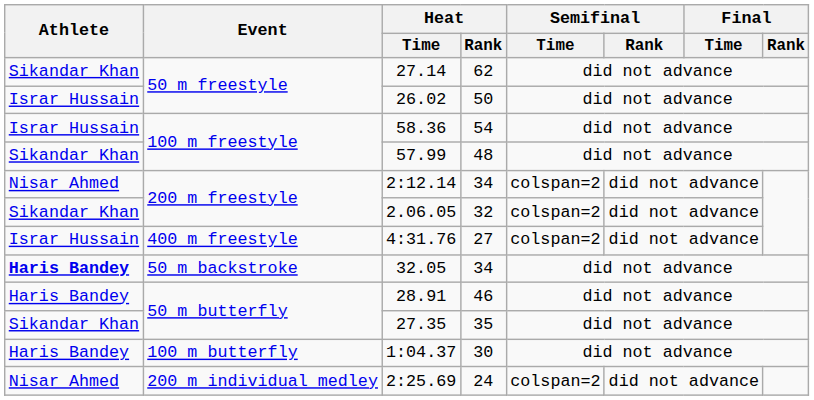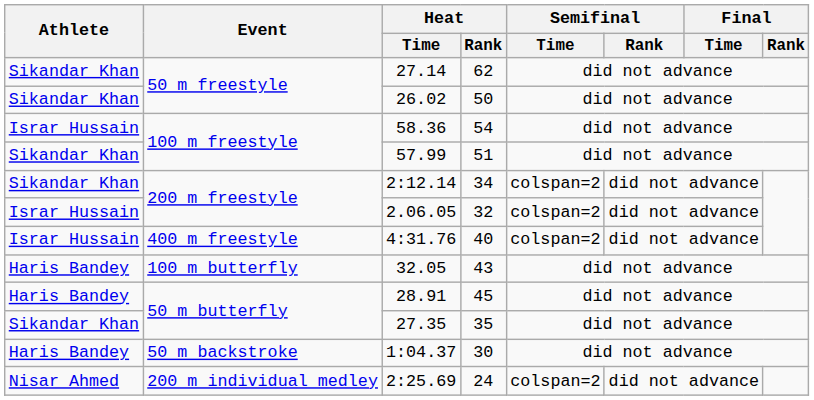 <table class=wikitable style=font-size:90%>
 <tr>
 <th rowspan=2>Athlete</th>
 <th rowspan=2>Event</th>
 <th colspan=2>Heat</th>
 <th colspan=2>Semifinal</th>
 <th colspan=2>Final</th>
 </tr>
 <tr style=font-size:95%>
 <th>Time</th>
 <th>Rank</th>
 <th>Time</th>
 <th>Rank</th>
 <th>Time</th>
 <th>Rank</th>
 </tr>
 <tr align=center>
 <td align=left><a href='#'>Sikandar Khan</a></td>
 <td align=left rowspan=2><a href='#'>50 m freestyle</a></td>
 <td>27.14</td>
 <td>62</td>
 <td colspan=4>did not advance</td>
 </tr>
 <tr align=center>
-<td align=left><a href='#'>Israr Hussain</a></td>
+<td align=left><a href='#'>Sikandar Khan</a></td>
 <td>26.02</td>
 <td>50</td>
 <td colspan=4>did not advance</td>
 </tr>
 <tr align=center>
 <td align=left><a href='#'>Israr Hussain</a></td>
 <td align=left rowspan=2><a href='#'>100 m freestyle</a></td>
 <td>58.36</td>
 <td>54</td>
 <td colspan=4>did not advance</td>
 </tr>
 <tr align=center>
 <td align=left><a href='#'>Sikandar Khan</a></td>
 <td>57.99</td>
-<td>48</td>
+<td>51</td>
 <td colspan=4>did not advance</td>
 </tr>
 <tr align=center>
-<td align=left><a href='#'>Nisar Ahmed</a></td>
+<td align=left><a href='#'>Sikandar Khan</a></td>
 <td align=left rowspan=2><a href='#'>200 m freestyle</a></td>
 <td>2:12.14</td>
 <td>34</td>
 <td>colspan=2 </td>
 <td colspan=2>did not advance</td>
 </tr>
 <tr align=center>
-<td align=left><a href='#'>Sikandar Khan</a></td>
+<td align=left><a href='#'>Israr Hussain</a></td>
 <td>2.06.05</td>
 <td>32</td>
 <td>colspan=2 </td>
 <td colspan=2>did not advance</td>
 </tr>
 <tr align=center>
 <td align=left><a href='#'>Israr Hussain</a></td>
 <td align=left><a href='#'>400 m freestyle</a></td>
 <td>4:31.76</td>
-<td>27</td>
+<td>40</td>
 <td>colspan=2 </td>
 <td colspan=2>did not advance</td>
 </tr>
 <tr align=center>
-<td align=left><strong><a href='#'>Haris Bandey</a></strong></td>
-<td align=left><a href='#'>50 m backstroke</a></td>
+<td align=left><a href='#'>Haris Bandey</a></td>
+<td align=left><a href='#'>100 m butterfly</a></td>
 <td>32.05</td>
-<td>34</td>
+<td>43</td>
 <td colspan=4>did not advance</td>
 </tr>
 <tr align=center>
 <td align=left><a href='#'>Haris Bandey</a></td>
 <td align=left rowspan=2><a href='#'>50 m butterfly</a></td>
 <td>28.91</td>
-<td>46</td>
+<td>45</td>
 <td colspan=4>did not advance</td>
 </tr>
 <tr align=center>
 <td align=left><a href='#'>Sikandar Khan</a></td>
 <td>27.35</td>
 <td>35</td>
 <td colspan=4>did not advance</td>
 </tr>
 <tr align=center>
 <td align=left><a href='#'>Haris Bandey</a></td>
-<td align=left><a href='#'>100 m butterfly</a></td>
+<td align=left><a href='#'>50 m backstroke</a></td>
 <td>1:04.37</td>
 <td>30</td>
 <td colspan=4>did not advance</td>
 </tr>
 <tr align=center>
 <td align=left><a href='#'>Nisar Ahmed</a></td>
 <td align=left><a href='#'>200 m individual medley</a></td>
 <td>2:25.69</td>
 <td>24</td>
 <td>colspan=2 </td>
 <td colspan=2>did not advance</td>
 </tr>
 </table>
